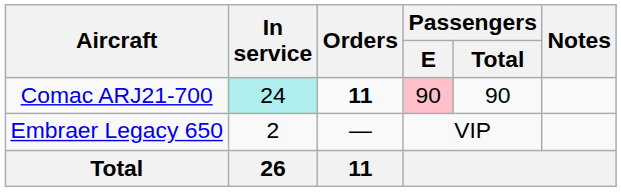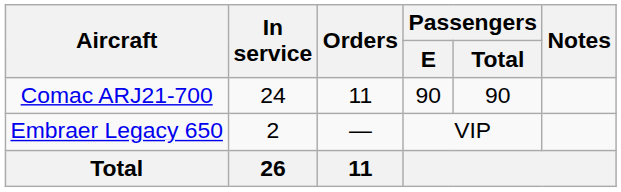 <table class="wikitable" style="margin:0.5em auto; text-align:center">
 <tr>
 <th rowspan=2>Aircraft</th>
 <th rowspan=2>In <br> service</th>
 <th rowspan=2>Orders</th>
 <th colspan=2>Passengers</th>
 <th rowspan=2>Notes</th>
 </tr>
 <tr>
 <th><abbr><span>E</span></abbr></th>
 <th><span>Total</span></th>
 </tr>
 <tr>
 <td><a href='#'>Comac ARJ21-700</a></td>
-<td style="background: paleturquoise;">24</td>
-<td><strong>11</strong></td>
-<td style="background: pink;">90</td>
+<td>24</td>
+<td>11</td>
+<td>90</td>
 <td>90</td>
 <td></td>
 </tr>
 <tr>
 <td><a href='#'>Embraer Legacy 650</a></td>
 <td>2</td>
 <td>—</td>
 <td colspan=2><abbr>VIP</abbr></td>
 <td></td>
 </tr>
 <tr>
 <th>Total</th>
 <th>26</th>
 <th>11</th>
 <th colspan=3></th>
 </tr>
 </table>
